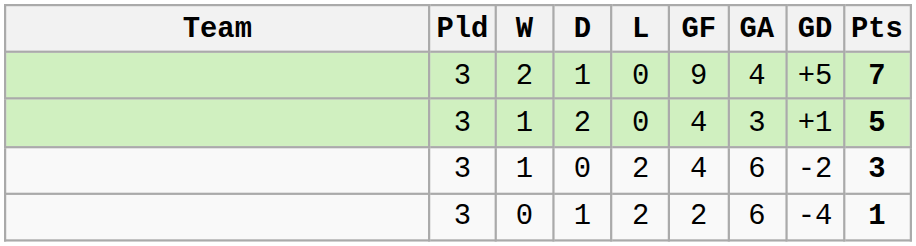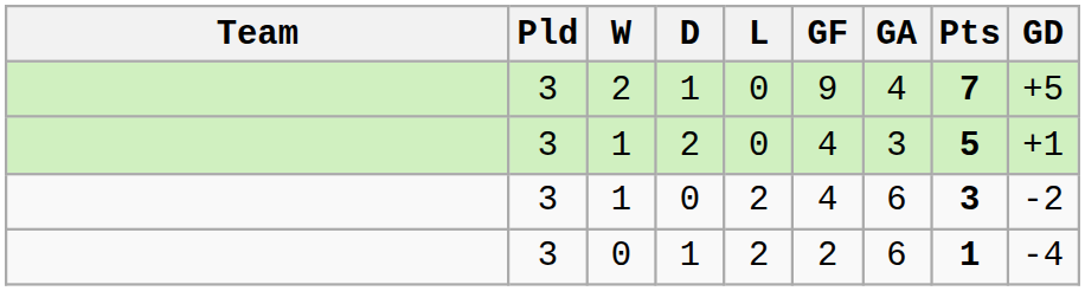 <table class="wikitable" style="text-align: center;">
 <tr>
 <th width=185>Team</th>
 <th width=20>Pld</th>
 <th width=20>W</th>
 <th width=20>D</th>
 <th width=20>L</th>
 <th width=20>GF</th>
 <th width=20>GA</th>
+<th width=20>Pts</th>
 <th width=20>GD</th>
-<th width=20>Pts</th>
 </tr>
 <tr bgcolor="#D0F0C0">
 <td align="left"></td>
 <td>3</td>
 <td>2</td>
 <td>1</td>
 <td>0</td>
 <td>9</td>
 <td>4</td>
+<td><strong>7</strong></td>
 <td>+5</td>
-<td><strong>7</strong></td>
 </tr>
 <tr bgcolor="#D0F0C0">
 <td align="left"></td>
 <td>3</td>
 <td>1</td>
 <td>2</td>
 <td>0</td>
 <td>4</td>
 <td>3</td>
+<td><strong>5</strong></td>
 <td>+1</td>
-<td><strong>5</strong></td>
 </tr>
 <tr>
 <td align="left"></td>
 <td>3</td>
 <td>1</td>
 <td>0</td>
 <td>2</td>
 <td>4</td>
 <td>6</td>
+<td><strong>3</strong></td>
 <td>-2</td>
-<td><strong>3</strong></td>
 </tr>
 <tr>
 <td align="left"></td>
 <td>3</td>
 <td>0</td>
 <td>1</td>
 <td>2</td>
 <td>2</td>
 <td>6</td>
+<td><strong>1</strong></td>
 <td>-4</td>
-<td><strong>1</strong></td>
 </tr>
 </table>
